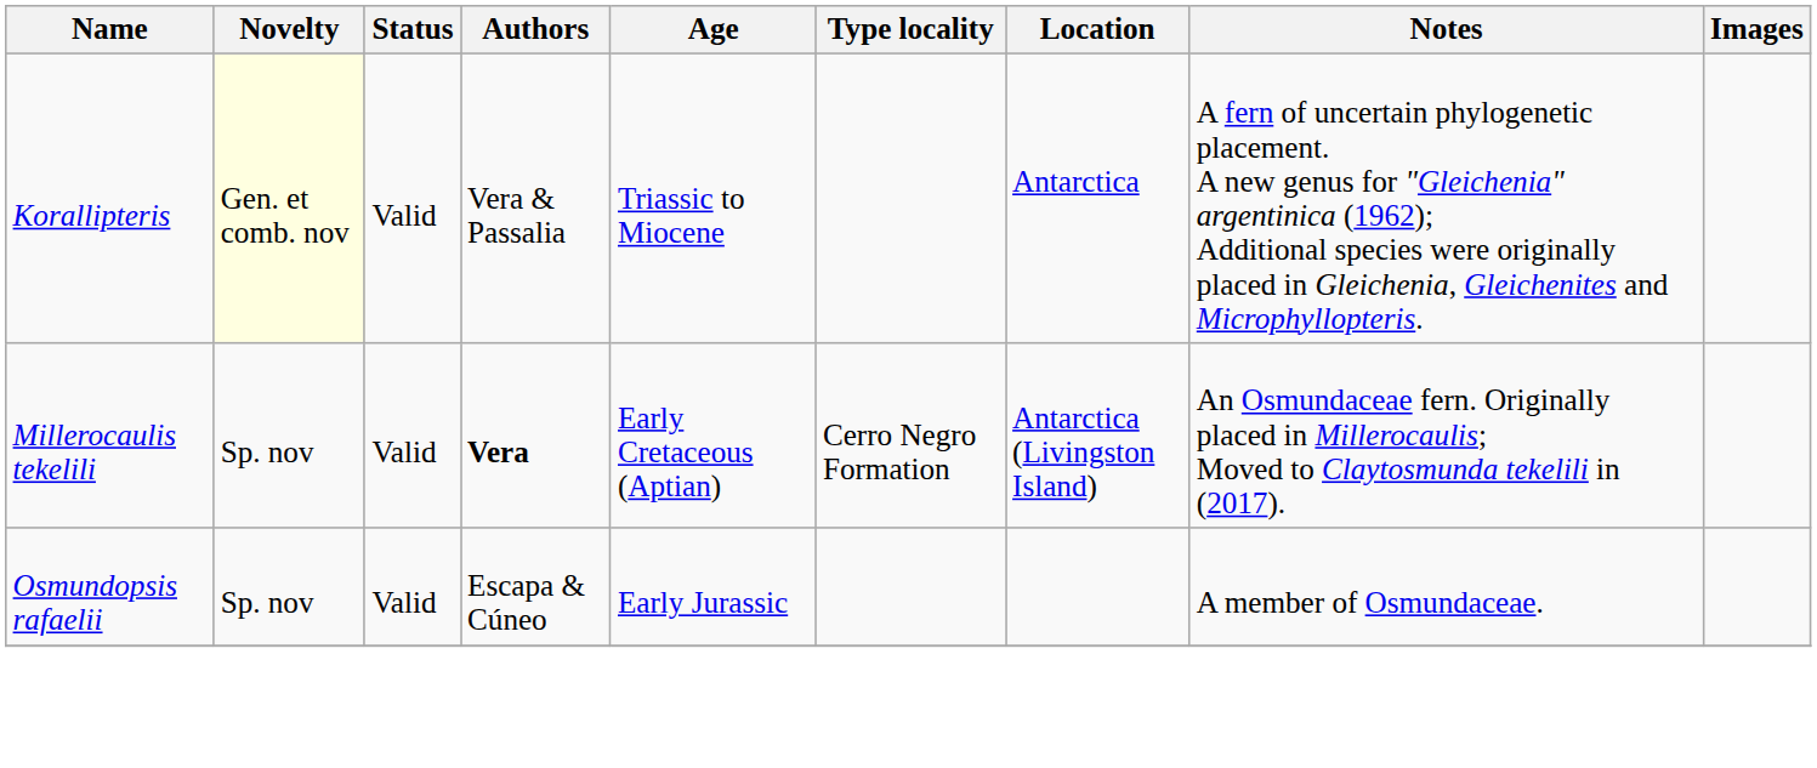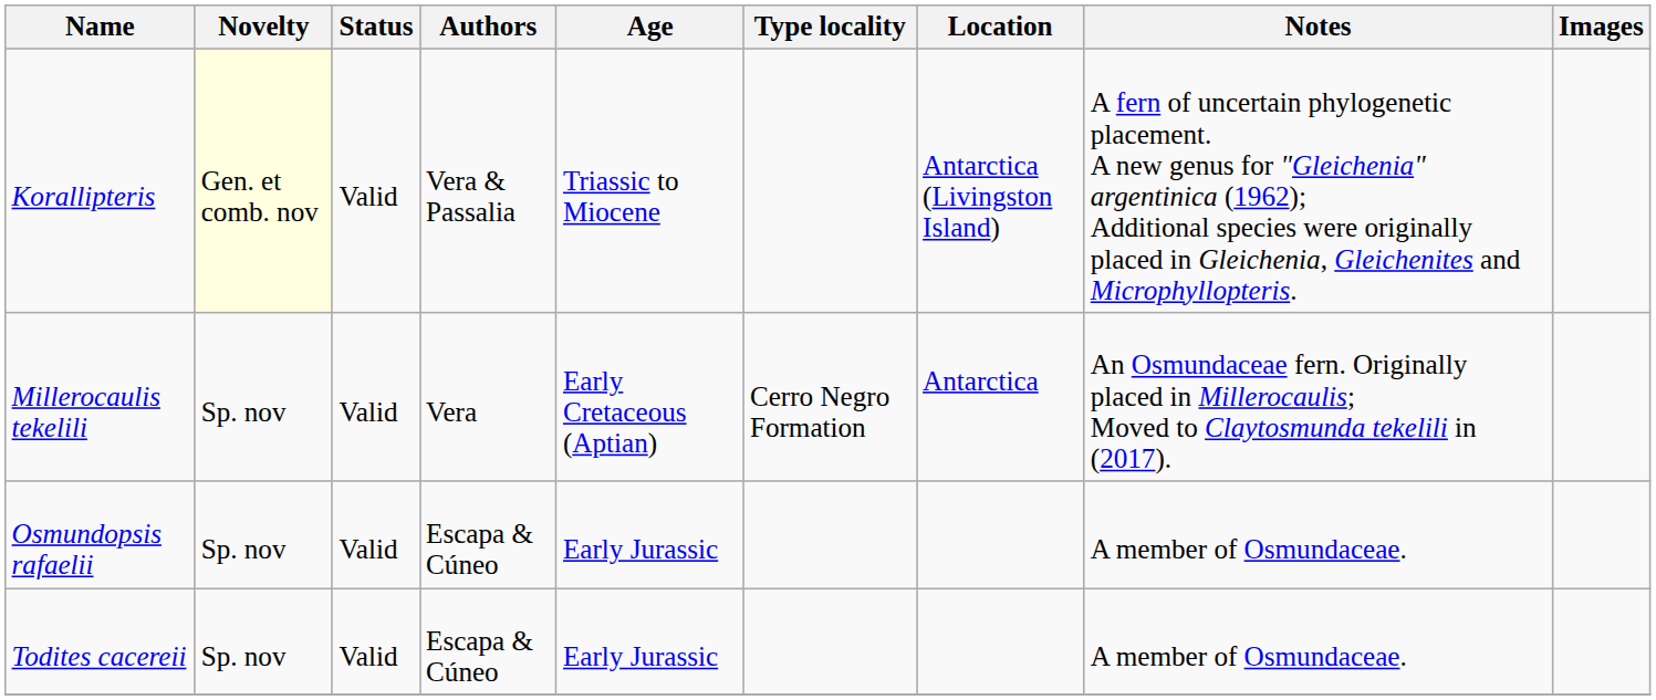 <table class="wikitable sortable" align="center" width="75%">
 <tr>
 <th>Name</th>
 <th>Novelty</th>
 <th>Status</th>
 <th>Authors</th>
 <th>Age</th>
 <th>Type locality</th>
 <th>Location</th>
 <th>Notes</th>
 <th>Images</th>
 </tr>
 <tr>
 <td><br><em><a href='#'>Korallipteris</a></em></td>
 <td style="background: lightyellow;"><br>Gen. et comb. nov</td>
 <td><br>Valid</td>
 <td><br>Vera & Passalia</td>
 <td><br><a href='#'>Triassic</a> to <a href='#'>Miocene</a></td>
 <td></td>
-<td><br><a href='#'>Antarctica</a><br> <br> <br> </td>
+<td><br><a href='#'>Antarctica</a><br>(<a href='#'>Livingston Island</a>)</td>
 <td><br>A <a href='#'>fern</a> of uncertain phylogenetic placement.<br>A new genus for <em>"<a href='#'>Gleichenia</a>" argentinica</em> (<a href='#'>1962</a>);<br> Additional species were originally placed in <em>Gleichenia</em>, <em><a href='#'>Gleichenites</a></em> and <em><a href='#'>Microphyllopteris</a></em>.</td>
 <td></td>
 </tr>
 <tr>
 <td><br><em><a href='#'>Millerocaulis tekelili</a></em></td>
 <td><br>Sp. nov</td>
 <td><br>Valid</td>
-<td><strong><br>Vera</strong></td>
+<td><br>Vera</td>
 <td><br><a href='#'>Early Cretaceous</a> (<a href='#'>Aptian</a>)</td>
 <td><br>Cerro Negro Formation</td>
-<td><br><a href='#'>Antarctica</a><br>(<a href='#'>Livingston Island</a>)</td>
+<td><br><a href='#'>Antarctica</a><br> <br> <br> </td>
 <td><br>An <a href='#'>Osmundaceae</a> fern. Originally placed in <em><a href='#'>Millerocaulis</a></em>;<br> Moved to <em><a href='#'>Claytosmunda tekelili</a></em> in (<a href='#'>2017</a>).</td>
 <td></td>
 </tr>
 <tr>
 <td><br><em><a href='#'>Osmundopsis rafaelii</a></em></td>
 <td><br>Sp. nov</td>
 <td><br>Valid</td>
 <td><br>Escapa & Cúneo</td>
 <td><br><a href='#'>Early Jurassic</a></td>
 <td></td>
 <td><br></td>
 <td><br>A member of <a href='#'>Osmundaceae</a>.</td>
 <td></td>
 </tr>
 <tr>
+<td><br><em><a href='#'>Todites cacereii</a></em></td>
+<td><br>Sp. nov</td>
+<td><br>Valid</td>
+<td><br>Escapa & Cúneo</td>
+<td><br><a href='#'>Early Jurassic</a></td>
+<td></td>
+<td><br></td>
+<td><br>A member of <a href='#'>Osmundaceae</a>.</td>
+<td></td>
+</tr>
+<tr>
 </tr>
 </table>
